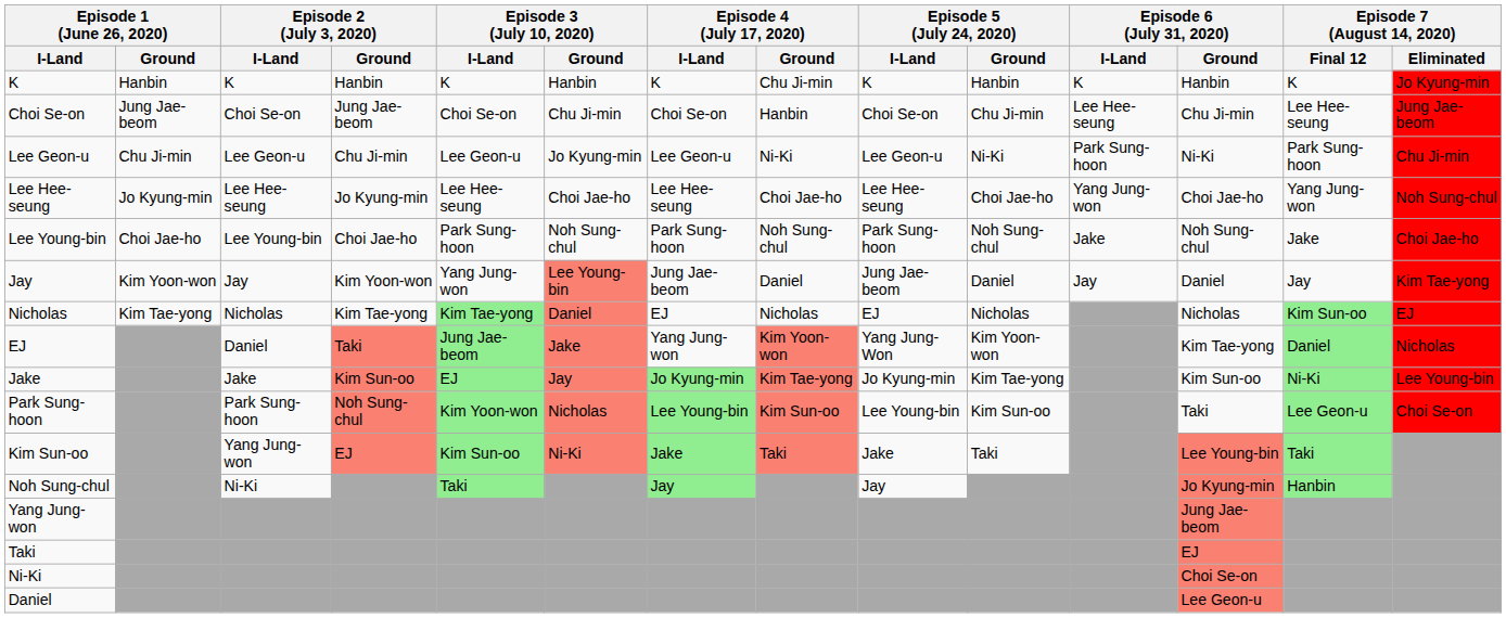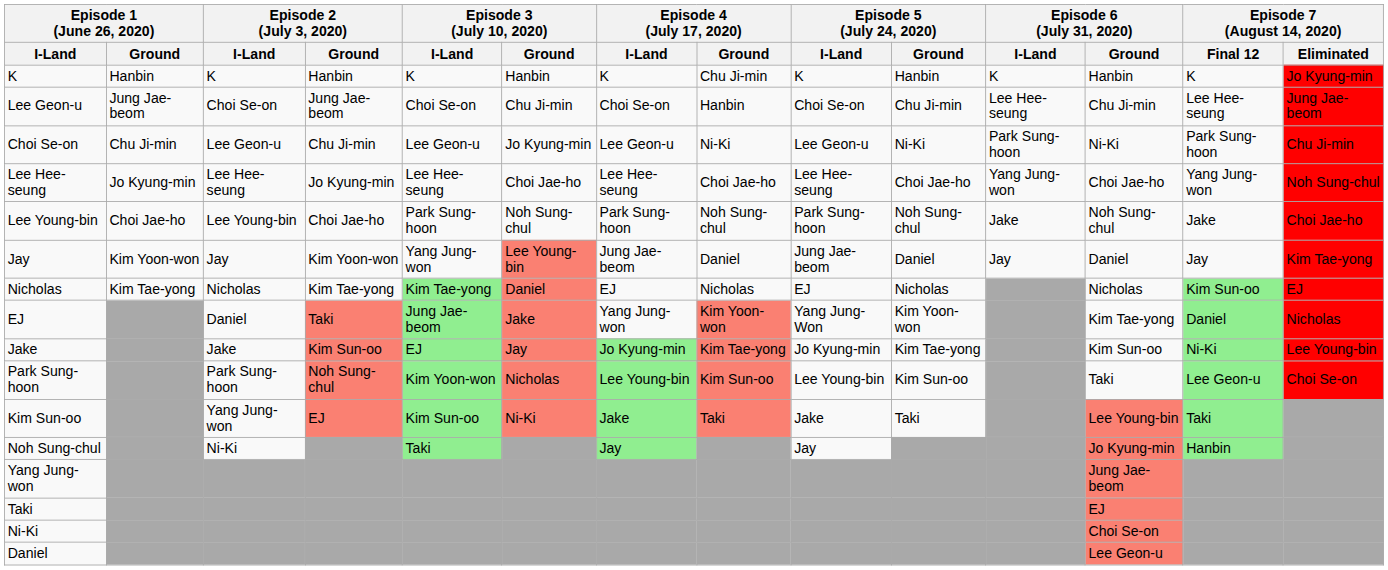 <table class="wikitable">
 <tr>
 <th colspan="2">Episode 1<br>(June 26, 2020)</th>
 <th colspan="2">Episode 2<br>(July 3, 2020)</th>
 <th colspan="2">Episode 3<br>(July 10, 2020)</th>
 <th colspan="2">Episode 4<br>(July 17, 2020)</th>
 <th colspan="2">Episode 5<br>(July 24, 2020)</th>
 <th colspan="2">Episode 6<br>(July 31, 2020)</th>
 <th colspan="2">Episode 7<br>(August 14, 2020)</th>
 </tr>
 <tr>
 <th>I-Land</th>
 <th>Ground</th>
 <th>I-Land</th>
 <th>Ground</th>
 <th>I-Land</th>
 <th>Ground</th>
 <th>I-Land</th>
 <th>Ground</th>
 <th>I-Land</th>
 <th>Ground</th>
 <th>I-Land</th>
 <th>Ground</th>
 <th>Final 12</th>
 <th>Eliminated</th>
 </tr>
 <tr>
 <td>K</td>
 <td>Hanbin</td>
 <td>K</td>
 <td>Hanbin</td>
 <td>K</td>
 <td>Hanbin</td>
 <td>K</td>
 <td>Chu Ji-min</td>
 <td>K</td>
 <td>Hanbin</td>
 <td>K</td>
 <td>Hanbin</td>
 <td>K</td>
 <td style="background:red;">Jo Kyung-min</td>
 </tr>
 <tr>
-<td>Choi Se-on</td>
+<td>Lee Geon-u</td>
 <td>Jung Jae-beom</td>
 <td>Choi Se-on</td>
 <td>Jung Jae-beom</td>
 <td>Choi Se-on</td>
 <td>Chu Ji-min</td>
 <td>Choi Se-on</td>
 <td>Hanbin</td>
 <td>Choi Se-on</td>
 <td>Chu Ji-min</td>
 <td>Lee Hee-seung</td>
 <td>Chu Ji-min</td>
 <td>Lee Hee-seung</td>
 <td style="background:red;">Jung Jae-beom</td>
 </tr>
 <tr>
-<td>Lee Geon-u</td>
+<td>Choi Se-on</td>
 <td>Chu Ji-min</td>
 <td>Lee Geon-u</td>
 <td>Chu Ji-min</td>
 <td>Lee Geon-u</td>
 <td>Jo Kyung-min</td>
 <td>Lee Geon-u</td>
 <td>Ni-Ki</td>
 <td>Lee Geon-u</td>
 <td>Ni-Ki</td>
 <td>Park Sung-hoon</td>
 <td>Ni-Ki</td>
 <td>Park Sung-hoon</td>
 <td style="background:red;">Chu Ji-min</td>
 </tr>
 <tr>
 <td>Lee Hee-seung</td>
 <td>Jo Kyung-min</td>
 <td>Lee Hee-seung</td>
 <td>Jo Kyung-min</td>
 <td>Lee Hee-seung</td>
 <td>Choi Jae-ho</td>
 <td>Lee Hee-seung</td>
 <td>Choi Jae-ho</td>
 <td>Lee Hee-seung</td>
 <td>Choi Jae-ho</td>
 <td>Yang Jung-won</td>
 <td>Choi Jae-ho</td>
 <td>Yang Jung-won</td>
 <td style="background:red;">Noh Sung-chul</td>
 </tr>
 <tr>
 <td>Lee Young-bin</td>
 <td>Choi Jae-ho</td>
 <td>Lee Young-bin</td>
 <td>Choi Jae-ho</td>
 <td>Park Sung-hoon</td>
 <td>Noh Sung-chul</td>
 <td>Park Sung-hoon</td>
 <td>Noh Sung-chul</td>
 <td>Park Sung-hoon</td>
 <td>Noh Sung-chul</td>
 <td>Jake</td>
 <td>Noh Sung-chul</td>
 <td>Jake</td>
 <td style="background:red;">Choi Jae-ho</td>
 </tr>
 <tr>
 <td>Jay</td>
 <td>Kim Yoon-won</td>
 <td>Jay</td>
 <td>Kim Yoon-won</td>
 <td>Yang Jung-won</td>
 <td style="background:salmon;">Lee Young-bin</td>
 <td>Jung Jae-beom</td>
 <td>Daniel</td>
 <td>Jung Jae-beom</td>
 <td>Daniel</td>
 <td>Jay</td>
 <td>Daniel</td>
 <td>Jay</td>
 <td style="background:red;">Kim Tae-yong</td>
 </tr>
 <tr>
 <td>Nicholas</td>
 <td>Kim Tae-yong</td>
 <td>Nicholas</td>
 <td>Kim Tae-yong</td>
 <td style="background:#90EE90;”">Kim Tae-yong</td>
 <td style="background:salmon;">Daniel</td>
 <td>EJ</td>
 <td>Nicholas</td>
 <td>EJ</td>
 <td>Nicholas</td>
 <td style="background:darkgray;"></td>
 <td>Nicholas</td>
 <td style="background:#90EE90;”">Kim Sun-oo</td>
 <td style="background:red;">EJ</td>
 </tr>
 <tr>
 <td>EJ</td>
 <td style="background:darkgray;"></td>
 <td>Daniel</td>
 <td style="background:salmon;">Taki</td>
 <td style="background:#90EE90;”">Jung Jae-beom</td>
 <td style="background:salmon;">Jake</td>
 <td>Yang Jung-won</td>
 <td style="background:salmon;">Kim Yoon-won</td>
 <td>Yang Jung-Won</td>
 <td>Kim Yoon-won</td>
 <td style="background:darkgray;"></td>
 <td>Kim Tae-yong</td>
 <td style="background:#90EE90;”">Daniel</td>
 <td style="background:red;">Nicholas</td>
 </tr>
 <tr>
 <td>Jake</td>
 <td style="background:darkgray;"></td>
 <td>Jake</td>
 <td style="background:salmon;">Kim Sun-oo</td>
 <td style="background:#90EE90;”">EJ</td>
 <td style="background:salmon;">Jay</td>
 <td style="background:#90EE90;”">Jo Kyung-min</td>
 <td style="background:salmon;">Kim Tae-yong</td>
 <td>Jo Kyung-min</td>
 <td>Kim Tae-yong</td>
 <td style="background:darkgray;"></td>
 <td>Kim Sun-oo</td>
 <td style="background:#90EE90;”">Ni-Ki</td>
 <td style="background:red;">Lee Young-bin</td>
 </tr>
 <tr>
 <td>Park Sung-hoon</td>
 <td style="background:darkgray;"></td>
 <td>Park Sung-hoon</td>
 <td style="background:salmon;">Noh Sung-chul</td>
 <td style="background:#90EE90;”">Kim Yoon-won</td>
 <td style="background:salmon;">Nicholas</td>
 <td style="background:#90EE90;”">Lee Young-bin</td>
 <td style="background:salmon;">Kim Sun-oo</td>
 <td>Lee Young-bin</td>
 <td>Kim Sun-oo</td>
 <td style="background:darkgray;"></td>
 <td>Taki</td>
 <td style="background:#90EE90;”">Lee Geon-u</td>
 <td style="background:red;">Choi Se-on</td>
 </tr>
 <tr>
 <td>Kim Sun-oo</td>
 <td style="background:darkgray;"></td>
 <td>Yang Jung-won</td>
 <td style="background:salmon;">EJ</td>
 <td style="background:#90EE90;”">Kim Sun-oo</td>
 <td style="background:salmon;">Ni-Ki</td>
 <td style="background:#90EE90;”">Jake</td>
 <td style="background:salmon;">Taki</td>
 <td>Jake</td>
 <td>Taki</td>
 <td style="background:darkgray;"></td>
 <td style="background:salmon;">Lee Young-bin</td>
 <td style="background:#90EE90;”">Taki</td>
 <td style="background:darkgray;"></td>
 </tr>
 <tr>
 <td>Noh Sung-chul</td>
 <td style="background:darkgray;"></td>
 <td>Ni-Ki</td>
 <td style="background:darkgray;"></td>
 <td style="background:#90EE90;”">Taki</td>
 <td style="background:darkgray;"></td>
 <td style="background:#90EE90;”">Jay</td>
 <td style="background:darkgray;"></td>
 <td>Jay</td>
 <td style="background:darkgray;"></td>
 <td style="background:darkgray;"></td>
 <td style="background:salmon;">Jo Kyung-min</td>
 <td style="background:#90EE90;”">Hanbin</td>
 <td style="background:darkgray;"></td>
 </tr>
 <tr>
 <td>Yang Jung-won</td>
 <td style="background:darkgray;"></td>
 <td style="background:darkgray;"></td>
 <td style="background:darkgray;"></td>
 <td style="background:darkgray;"></td>
 <td style="background:darkgray;"></td>
 <td style="background:darkgray;"></td>
 <td style="background:darkgray;"></td>
 <td style="background:darkgray;"></td>
 <td style="background:darkgray;"></td>
 <td style="background:darkgray;"></td>
 <td style="background:salmon;">Jung Jae-beom</td>
 <td style="background:darkgray;"></td>
 <td style="background:darkgray;"></td>
 </tr>
 <tr>
 <td>Taki</td>
 <td style="background:darkgray;"></td>
 <td style="background:darkgray;"></td>
 <td style="background:darkgray;"></td>
 <td style="background:darkgray;"></td>
 <td style="background:darkgray;"></td>
 <td style="background:darkgray;"></td>
 <td style="background:darkgray;"></td>
 <td style="background:darkgray;"></td>
 <td style="background:darkgray;"></td>
 <td style="background:darkgray;"></td>
 <td style="background:salmon;">EJ</td>
 <td style="background:darkgray;"></td>
 <td style="background:darkgray;"></td>
 </tr>
 <tr>
 <td>Ni-Ki</td>
 <td style="background:darkgray;"></td>
 <td style="background:darkgray;"></td>
 <td style="background:darkgray;"></td>
 <td style="background:darkgray;"></td>
 <td style="background:darkgray;"></td>
 <td style="background:darkgray;"></td>
 <td style="background:darkgray;"></td>
 <td style="background:darkgray;"></td>
 <td style="background:darkgray;"></td>
 <td style="background:darkgray;"></td>
 <td style="background:salmon;">Choi Se-on</td>
 <td style="background:darkgray;"></td>
 <td style="background:darkgray;"></td>
 </tr>
 <tr>
 <td>Daniel</td>
 <td style="background:darkgray;"></td>
 <td style="background:darkgray;"></td>
 <td style="background:darkgray;"></td>
 <td style="background:darkgray;"></td>
 <td style="background:darkgray;"></td>
 <td style="background:darkgray;"></td>
 <td style="background:darkgray;"></td>
 <td style="background:darkgray;"></td>
 <td style="background:darkgray;"></td>
 <td style="background:darkgray;"></td>
 <td style="background:salmon;">Lee Geon-u</td>
 <td style="background:darkgray;"></td>
 <td style="background:darkgray;"></td>
 </tr>
 </table>
